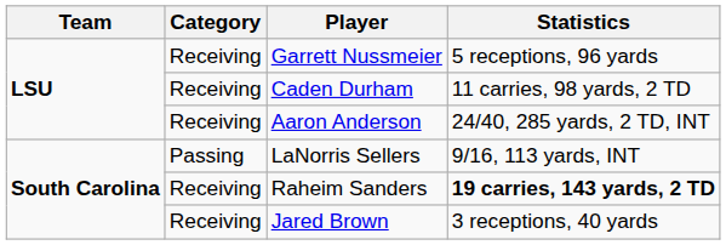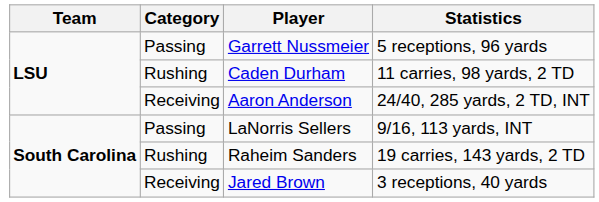 <table class="wikitable" style="float: right;">
 <tr>
 <th>Team</th>
 <th>Category</th>
 <th>Player</th>
 <th>Statistics</th>
 </tr>
 <tr>
 <td rowspan=3><strong>LSU</strong></td>
-<td>Receiving</td>
+<td>Passing</td>
 <td><a href='#'>Garrett Nussmeier</a></td>
 <td>5 receptions, 96 yards</td>
 </tr>
 <tr>
-<td>Receiving</td>
+<td>Rushing</td>
 <td><a href='#'>Caden Durham</a></td>
 <td>11 carries, 98 yards, 2 TD</td>
 </tr>
 <tr>
 <td>Receiving</td>
 <td><a href='#'>Aaron Anderson</a></td>
 <td>24/40, 285 yards, 2 TD, INT</td>
 </tr>
 <tr>
 <td rowspan=3><strong>South Carolina</strong></td>
 <td>Passing</td>
 <td>LaNorris Sellers</td>
 <td>9/16, 113 yards, INT</td>
 </tr>
 <tr>
-<td>Receiving</td>
+<td>Rushing</td>
 <td>Raheim Sanders</td>
-<td><strong>19 carries, 143 yards, 2 TD</strong></td>
+<td>19 carries, 143 yards, 2 TD</td>
 </tr>
 <tr>
 <td>Receiving</td>
 <td><a href='#'>Jared Brown</a></td>
 <td>3 receptions, 40 yards</td>
 </tr>
 </table>
